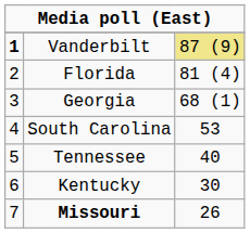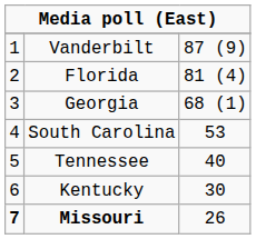 <table class="wikitable">
 <tr align="center">
 <td align="center" Colspan="3"><strong>Media poll (East)</strong></td>
 </tr>
 <tr align="center">
 </tr>
 <tr align="center">
-<td><strong>1</strong></td>
+<td>1</td>
 <td>Vanderbilt</td>
-<td style="background: khaki;">87 (9)</td>
+<td>87 (9)</td>
 </tr>
 <tr align="center">
 <td>2</td>
 <td>Florida</td>
 <td>81 (4)</td>
 </tr>
 <tr align="center">
 <td>3</td>
 <td>Georgia</td>
 <td>68 (1)</td>
 </tr>
 <tr align="center">
 <td>4</td>
 <td>South Carolina</td>
 <td>53</td>
 </tr>
 <tr align="center">
 <td>5</td>
 <td>Tennessee</td>
 <td>40</td>
 </tr>
 <tr align="center">
 <td>6</td>
 <td>Kentucky</td>
 <td>30</td>
 </tr>
 <tr align="center">
-<td>7</td>
+<td><strong>7</strong></td>
 <td><strong>Missouri</strong></td>
 <td>26</td>
 </tr>
 </table>
